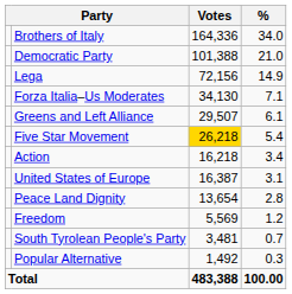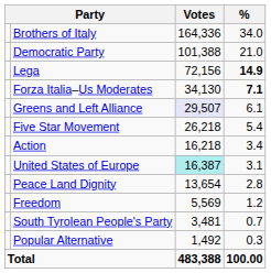 <table class="wikitable" style="font-size:95%">
 <tr>
 <th colspan=2>Party</th>
 <th>Votes</th>
 <th>%</th>
 </tr>
 <tr>
 <td></td>
 <td><a href='#'>Brothers of Italy</a></td>
 <td align=right>164,336</td>
 <td align=right>34.0</td>
 </tr>
 <tr>
 <td></td>
 <td><a href='#'>Democratic Party</a></td>
 <td align=right>101,388</td>
 <td align=right>21.0</td>
 </tr>
 <tr>
 <td></td>
 <td><a href='#'>Lega</a></td>
 <td align=right>72,156</td>
-<td align=right>14.9</td>
+<td align=right><strong>14.9</strong></td>
 </tr>
 <tr>
 <td></td>
 <td><a href='#'>Forza Italia</a>–<a href='#'>Us Moderates</a></td>
 <td align=right>34,130</td>
-<td align=right>7.1</td>
+<td align=right><strong>7.1</strong></td>
 </tr>
 <tr>
 <td></td>
 <td><a href='#'>Greens and Left Alliance</a></td>
-<td align=right>29,507</td>
+<td align=right style="background: lavender;">29,507</td>
 <td align=right>6.1</td>
 </tr>
 <tr>
 <td></td>
 <td><a href='#'>Five Star Movement</a></td>
-<td align=right style="background: gold;">26,218</td>
+<td align=right>26,218</td>
 <td align=right>5.4</td>
 </tr>
 <tr>
 <td></td>
 <td><a href='#'>Action</a></td>
 <td align=right>16,218</td>
 <td align=right>3.4</td>
 </tr>
 <tr>
 <td></td>
 <td><a href='#'>United States of Europe</a></td>
-<td align=right>16,387</td>
+<td align=right style="background: paleturquoise;">16,387</td>
 <td align=right>3.1</td>
 </tr>
 <tr>
 <td></td>
 <td><a href='#'>Peace Land Dignity</a></td>
 <td align=right>13,654</td>
 <td align=right>2.8</td>
 </tr>
 <tr>
 <td></td>
 <td><a href='#'>Freedom</a></td>
 <td align=right>5,569</td>
 <td align=right>1.2</td>
 </tr>
 <tr>
 <td></td>
 <td><a href='#'>South Tyrolean People's Party</a></td>
 <td align=right>3,481</td>
 <td align=right>0.7</td>
 </tr>
 <tr>
 <td></td>
 <td><a href='#'>Popular Alternative</a></td>
 <td align=right>1,492</td>
 <td align=right>0.3</td>
 </tr>
 <tr>
 <td colspan=2><strong>Total</strong></td>
 <td align=right><strong>483,388</strong></td>
 <td align=right><strong>100.00</strong></td>
 </tr>
 </table>
